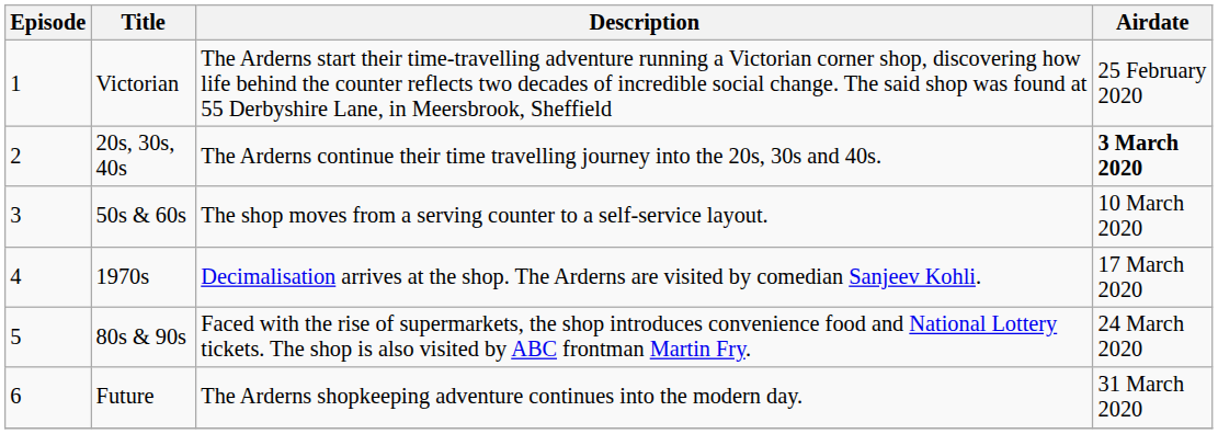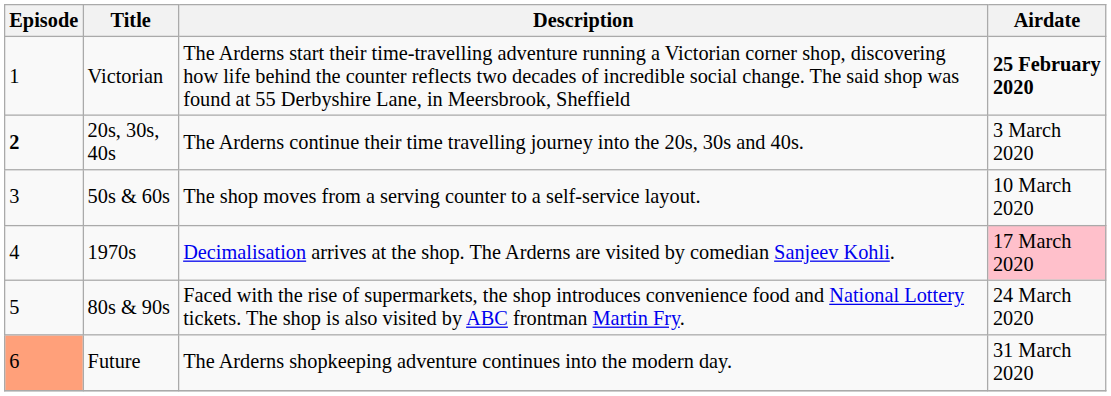 <table class="wikitable">
 <tr>
 <th>Episode</th>
 <th>Title</th>
 <th>Description</th>
 <th>Airdate</th>
 </tr>
 <tr>
 <td>1</td>
 <td>Victorian</td>
 <td>The Arderns start their time-travelling adventure running a Victorian corner shop, discovering how life behind the counter reflects two decades of incredible social change. The said shop was found at 55 Derbyshire Lane, in Meersbrook, Sheffield</td>
-<td>25 February 2020</td>
+<td><strong>25 February 2020</strong></td>
 </tr>
 <tr>
-<td>2</td>
+<td><strong>2</strong></td>
 <td>20s, 30s, 40s</td>
 <td>The Arderns continue their time travelling journey into the 20s, 30s and 40s.</td>
-<td><strong>3 March 2020</strong></td>
+<td>3 March 2020</td>
 </tr>
 <tr>
 <td>3</td>
 <td>50s & 60s</td>
 <td>The shop moves from a serving counter to a self-service layout.</td>
 <td>10 March 2020</td>
 </tr>
 <tr>
 <td>4</td>
 <td>1970s</td>
 <td><a href='#'>Decimalisation</a> arrives at the shop. The Arderns are visited by comedian <a href='#'>Sanjeev Kohli</a>.</td>
-<td>17 March 2020</td>
+<td style="background: pink;">17 March 2020</td>
 </tr>
 <tr>
 <td>5</td>
 <td>80s & 90s</td>
 <td>Faced with the rise of supermarkets, the shop introduces convenience food and <a href='#'>National Lottery</a> tickets. The shop is also visited by <a href='#'>ABC</a> frontman <a href='#'>Martin Fry</a>.</td>
 <td>24 March 2020</td>
 </tr>
 <tr>
-<td>6</td>
+<td style="background: lightsalmon;">6</td>
 <td>Future</td>
 <td>The Arderns shopkeeping adventure continues into the modern day.</td>
 <td>31 March 2020</td>
 </tr>
 <tr>
 </tr>
 </table>
